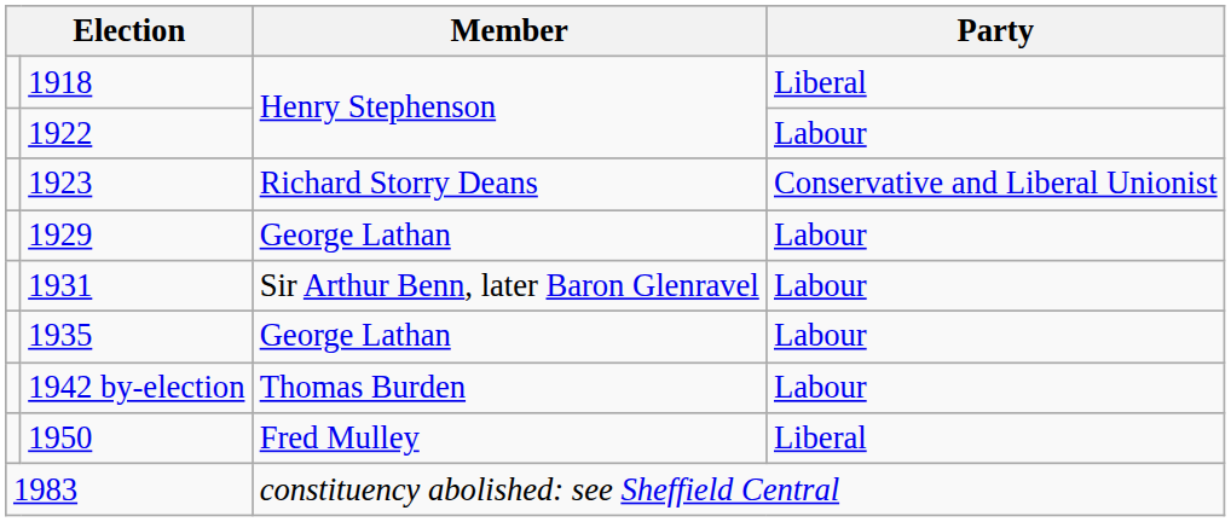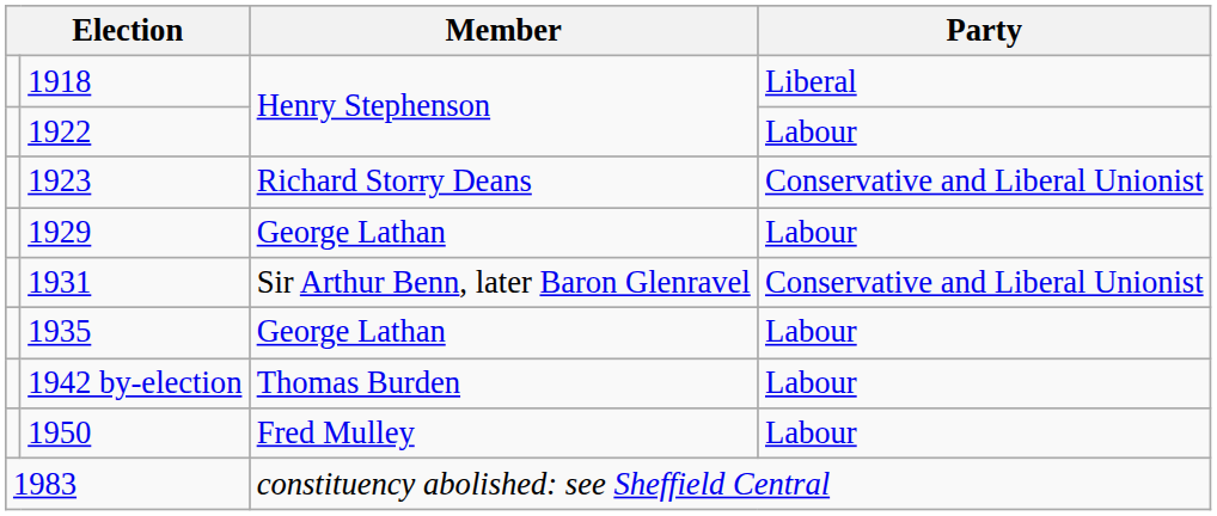 <table class="wikitable">
 <tr>
 <th colspan="2">Election</th>
 <th>Member</th>
 <th>Party</th>
 </tr>
 <tr>
 <td style="color:inherit;background-color: "></td>
 <td><a href='#'>1918</a></td>
 <td rowspan="2"><a href='#'>Henry Stephenson</a></td>
 <td><a href='#'>Liberal</a></td>
 </tr>
 <tr>
 <td style="color:inherit;background-color: "></td>
 <td><a href='#'>1922</a></td>
 <td><a href='#'>Labour</a></td>
 </tr>
 <tr>
 <td style="color:inherit;background-color: "></td>
 <td><a href='#'>1923</a></td>
 <td><a href='#'>Richard Storry Deans</a></td>
 <td><a href='#'>Conservative and Liberal Unionist</a></td>
 </tr>
 <tr>
 <td style="color:inherit;background-color: "></td>
 <td><a href='#'>1929</a></td>
 <td><a href='#'>George Lathan</a></td>
 <td><a href='#'>Labour</a></td>
 </tr>
 <tr>
 <td style="color:inherit;background-color: "></td>
 <td><a href='#'>1931</a></td>
 <td>Sir <a href='#'>Arthur Benn</a>, later <a href='#'>Baron Glenravel</a></td>
-<td><a href='#'>Labour</a></td>
+<td><a href='#'>Conservative and Liberal Unionist</a></td>
 </tr>
 <tr>
 <td style="color:inherit;background-color: "></td>
 <td><a href='#'>1935</a></td>
 <td><a href='#'>George Lathan</a></td>
 <td><a href='#'>Labour</a></td>
 </tr>
 <tr>
 <td style="color:inherit;background-color: "></td>
 <td><a href='#'>1942 by-election</a></td>
 <td><a href='#'>Thomas Burden</a></td>
 <td><a href='#'>Labour</a></td>
 </tr>
 <tr>
 <td style="color:inherit;background-color: "></td>
 <td><a href='#'>1950</a></td>
 <td><a href='#'>Fred Mulley</a></td>
-<td><a href='#'>Liberal</a></td>
+<td><a href='#'>Labour</a></td>
 </tr>
 <tr>
 <td colspan=2 align="left"><a href='#'>1983</a></td>
 <td colspan="2"><em>constituency abolished: see <a href='#'>Sheffield Central</a></em></td>
 </tr>
 </table>
